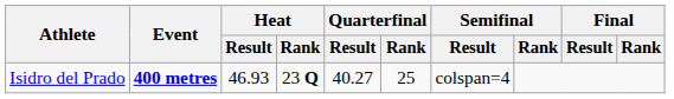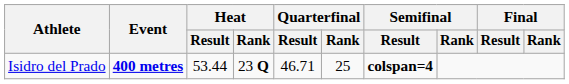 <table class=wikitable style=font-size:90%>
 <tr>
 <th rowspan=2>Athlete</th>
 <th rowspan=2>Event</th>
 <th colspan=2>Heat</th>
 <th colspan=2>Quarterfinal</th>
 <th colspan=2>Semifinal</th>
 <th colspan=2>Final</th>
 </tr>
 <tr style=font-size:95%>
 <th>Result</th>
 <th>Rank</th>
 <th>Result</th>
 <th>Rank</th>
 <th>Result</th>
 <th>Rank</th>
 <th>Result</th>
 <th>Rank</th>
 </tr>
 <tr align=center>
 <td align=left><a href='#'>Isidro del Prado</a></td>
 <td align=left><strong><a href='#'>400 metres</a></strong></td>
-<td>46.93</td>
+<td>53.44</td>
 <td>23 <strong>Q</strong></td>
-<td>40.27</td>
+<td>46.71</td>
 <td>25</td>
-<td>colspan=4 </td>
+<td><strong>colspan=4 </strong></td>
 </tr>
 </table>
